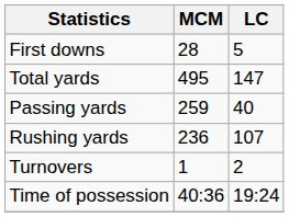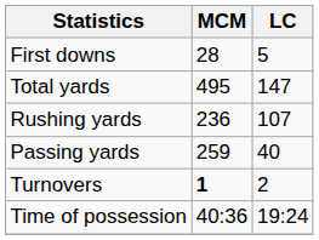 <table class="wikitable">
 <tr>
 <th>Statistics</th>
 <th>MCM</th>
 <th>LC</th>
 </tr>
 <tr>
 <td>First downs</td>
 <td>28</td>
 <td>5</td>
 </tr>
 <tr>
 <td>Total yards</td>
 <td>495</td>
 <td>147</td>
 </tr>
 <tr>
+<td>Rushing yards</td>
+<td>236</td>
+<td>107</td>
+</tr>
+<tr>
 <td>Passing yards</td>
 <td>259</td>
 <td>40</td>
 </tr>
 <tr>
-<td>Rushing yards</td>
-<td>236</td>
-<td>107</td>
-</tr>
-<tr>
 <td>Turnovers</td>
-<td>1</td>
+<td><strong>1</strong></td>
 <td>2</td>
 </tr>
 <tr>
 <td>Time of possession</td>
 <td>40:36</td>
 <td>19:24</td>
 </tr>
 <tr>
 </tr>
 </table>
